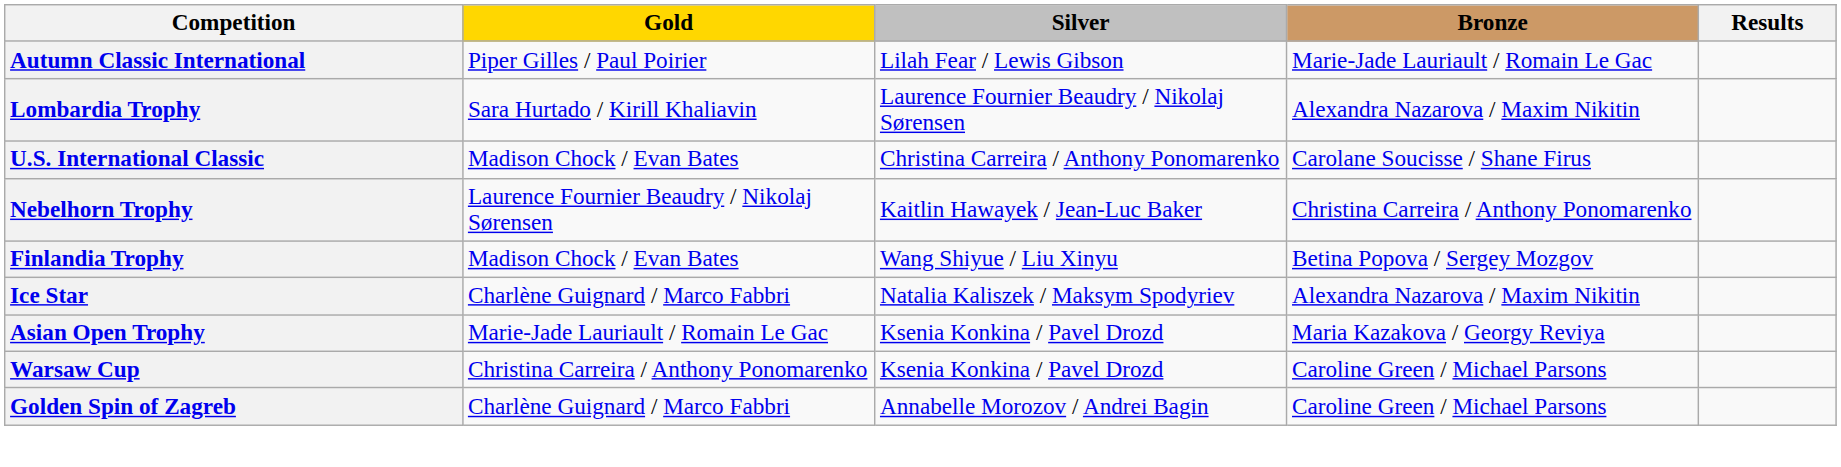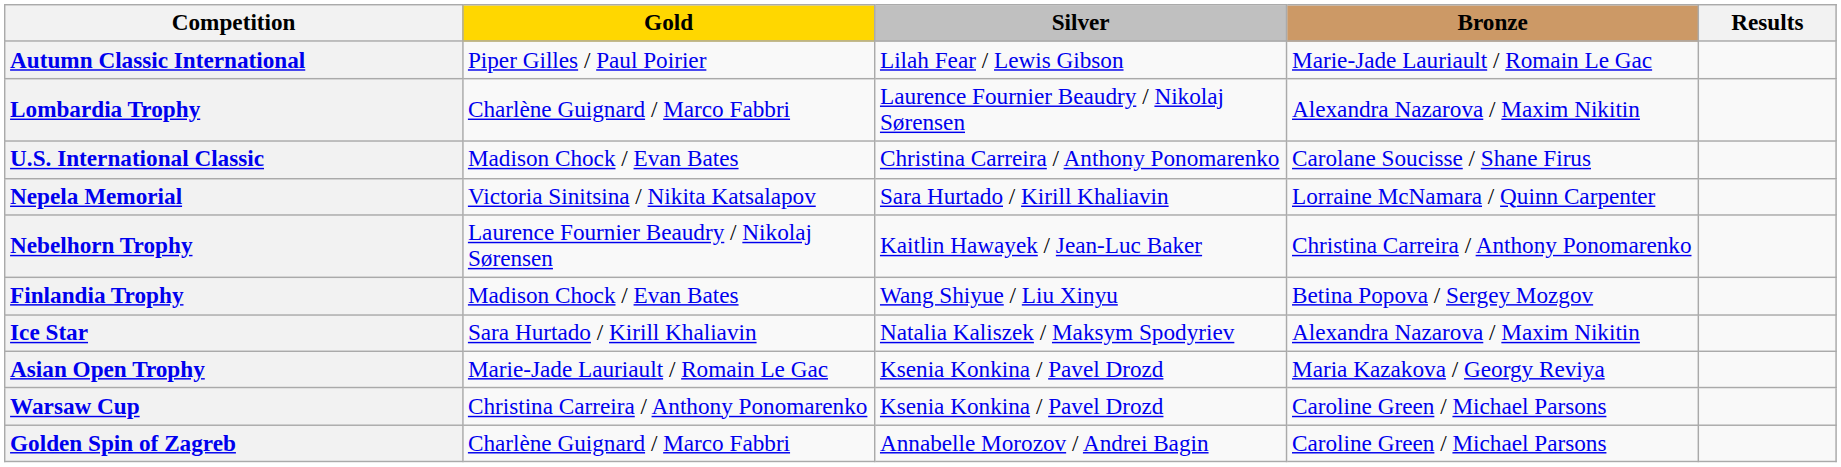 <table class="wikitable unsortable" style="text-align:left; width:100%">
 <tr>
 <th scope="col" style="text-align:center; width:25%;">Competition</th>
 <td scope="col" style="text-align:center; width:22.5%; background:gold"><strong>Gold</strong></td>
 <td scope="col" style="text-align:center; width:22.5%; background:silver"><strong>Silver</strong></td>
 <td scope="col" style="text-align:center; width:22.5%; background:#c96"><strong>Bronze</strong></td>
 <th scope="col" style="text-align:center; width:7.5%;">Results</th>
 </tr>
 <tr>
 <th scope="row" style="text-align:left"> <a href='#'>Autumn Classic International</a></th>
 <td> <a href='#'>Piper Gilles</a> / <a href='#'>Paul Poirier</a></td>
 <td> <a href='#'>Lilah Fear</a> / <a href='#'>Lewis Gibson</a></td>
 <td> <a href='#'>Marie-Jade Lauriault</a> / <a href='#'>Romain Le Gac</a></td>
 <td></td>
 </tr>
 <tr>
 <th scope="row" style="text-align:left"> <a href='#'>Lombardia Trophy</a></th>
-<td> <a href='#'>Sara Hurtado</a> / <a href='#'>Kirill Khaliavin</a></td>
+<td> <a href='#'>Charlène Guignard</a> / <a href='#'>Marco Fabbri</a></td>
 <td> <a href='#'>Laurence Fournier Beaudry</a> / <a href='#'>Nikolaj Sørensen</a></td>
 <td> <a href='#'>Alexandra Nazarova</a> / <a href='#'>Maxim Nikitin</a></td>
 <td></td>
 </tr>
 <tr>
 <th scope="row" style="text-align:left"> <a href='#'>U.S. International Classic</a></th>
 <td> <a href='#'>Madison Chock</a> / <a href='#'>Evan Bates</a></td>
 <td> <a href='#'>Christina Carreira</a> / <a href='#'>Anthony Ponomarenko</a></td>
 <td> <a href='#'>Carolane Soucisse</a> / <a href='#'>Shane Firus</a></td>
+<td></td>
+</tr>
+<tr>
+<th scope="row" style="text-align:left"> <a href='#'>Nepela Memorial</a></th>
+<td> <a href='#'>Victoria Sinitsina</a> / <a href='#'>Nikita Katsalapov</a></td>
+<td> <a href='#'>Sara Hurtado</a> / <a href='#'>Kirill Khaliavin</a></td>
+<td> <a href='#'>Lorraine McNamara</a> / <a href='#'>Quinn Carpenter</a></td>
 <td></td>
 </tr>
 <tr>
 <th scope="row" style="text-align:left"> <a href='#'>Nebelhorn Trophy</a></th>
 <td> <a href='#'>Laurence Fournier Beaudry</a> / <a href='#'>Nikolaj Sørensen</a></td>
 <td> <a href='#'>Kaitlin Hawayek</a> / <a href='#'>Jean-Luc Baker</a></td>
 <td> <a href='#'>Christina Carreira</a> / <a href='#'>Anthony Ponomarenko</a></td>
 <td></td>
 </tr>
 <tr>
 <th scope="row" style="text-align:left"> <a href='#'>Finlandia Trophy</a></th>
 <td> <a href='#'>Madison Chock</a> / <a href='#'>Evan Bates</a></td>
 <td> <a href='#'>Wang Shiyue</a> / <a href='#'>Liu Xinyu</a></td>
 <td> <a href='#'>Betina Popova</a> / <a href='#'>Sergey Mozgov</a></td>
 <td></td>
 </tr>
 <tr>
 <th scope="row" style="text-align:left"> <a href='#'>Ice Star</a></th>
-<td> <a href='#'>Charlène Guignard</a> / <a href='#'>Marco Fabbri</a></td>
+<td> <a href='#'>Sara Hurtado</a> / <a href='#'>Kirill Khaliavin</a></td>
 <td> <a href='#'>Natalia Kaliszek</a> / <a href='#'>Maksym Spodyriev</a></td>
 <td> <a href='#'>Alexandra Nazarova</a> / <a href='#'>Maxim Nikitin</a></td>
 <td></td>
 </tr>
 <tr>
 <th scope="row" style="text-align:left"> <a href='#'>Asian Open Trophy</a></th>
 <td> <a href='#'>Marie-Jade Lauriault</a> / <a href='#'>Romain Le Gac</a></td>
 <td> <a href='#'>Ksenia Konkina</a> / <a href='#'>Pavel Drozd</a></td>
 <td> <a href='#'>Maria Kazakova</a> / <a href='#'>Georgy Reviya</a></td>
 <td></td>
 </tr>
 <tr>
 <th scope="row" style="text-align:left"> <a href='#'>Warsaw Cup</a></th>
 <td> <a href='#'>Christina Carreira</a> / <a href='#'>Anthony Ponomarenko</a></td>
 <td> <a href='#'>Ksenia Konkina</a> / <a href='#'>Pavel Drozd</a></td>
 <td> <a href='#'>Caroline Green</a> / <a href='#'>Michael Parsons</a></td>
 <td></td>
 </tr>
 <tr>
 <th scope="row" style="text-align:left"> <a href='#'>Golden Spin of Zagreb</a></th>
 <td> <a href='#'>Charlène Guignard</a> / <a href='#'>Marco Fabbri</a></td>
 <td> <a href='#'>Annabelle Morozov</a> / <a href='#'>Andrei Bagin</a></td>
 <td> <a href='#'>Caroline Green</a> / <a href='#'>Michael Parsons</a></td>
 <td></td>
 </tr>
 </table>
